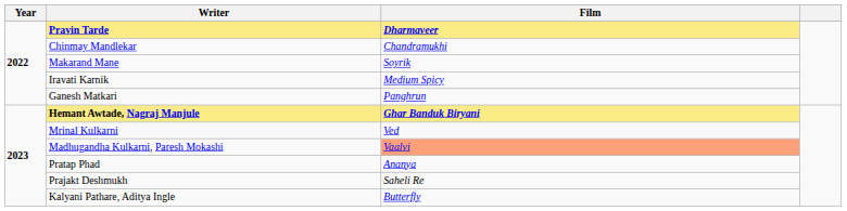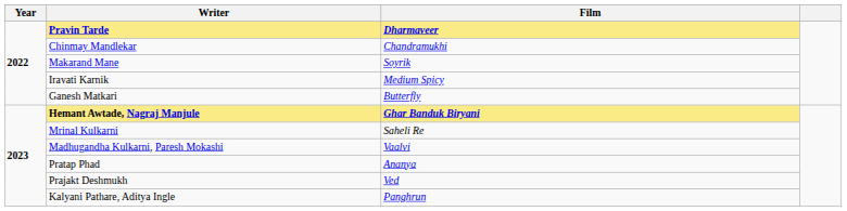 <table class="wikitable" style="width:100%">
 <tr bgcolor="#bebebe">
 <th width="5%">Year</th>
 <th width="40%">Writer</th>
 <th width="50%">Film</th>
 <th width="5%"></th>
 </tr>
 <tr>
 <td rowspan="5"><strong>2022</strong></td>
 <td style="background:#FAEB86"><strong><a href='#'>Pravin Tarde</a></strong></td>
 <td style="background:#FAEB86"><strong><em><a href='#'>Dharmaveer</a></em></strong></td>
 <td rowspan="5"></td>
 </tr>
 <tr>
 <td><a href='#'>Chinmay Mandlekar</a></td>
 <td><a href='#'><em>Chandramukhi</em></a></td>
 </tr>
 <tr>
 <td><a href='#'>Makarand Mane</a></td>
 <td><em><a href='#'>Soyrik</a></em></td>
 </tr>
 <tr>
 <td>Iravati Karnik</td>
 <td><em><a href='#'>Medium Spicy</a></em></td>
 </tr>
 <tr>
 <td>Ganesh Matkari</td>
-<td><em><a href='#'>Panghrun</a></em></td>
+<td><em><a href='#'>Butterfly</a></em></td>
 </tr>
 <tr>
 <td rowspan="6"><strong>2023</strong></td>
 <td style="background:#FAEB86"><strong>Hemant Awtade, <a href='#'>Nagraj Manjule</a></strong></td>
 <td style="background:#FAEB86"><strong><em><a href='#'>Ghar Banduk Biryani</a></em></strong></td>
 <td rowspan="6"></td>
 </tr>
 <tr>
 <td><a href='#'>Mrinal Kulkarni</a></td>
-<td><em><a href='#'>Ved</a></em></td>
+<td><em>Saheli Re</em></td>
 </tr>
 <tr>
 <td><a href='#'>Madhugandha Kulkarni</a>, <a href='#'>Paresh Mokashi</a></td>
-<td style="background: lightsalmon;"><em><a href='#'>Vaalvi</a></em></td>
+<td><em><a href='#'>Vaalvi</a></em></td>
 </tr>
 <tr>
 <td>Pratap Phad</td>
 <td><em><a href='#'>Ananya</a></em></td>
 </tr>
 <tr>
 <td>Prajakt Deshmukh</td>
-<td><em>Saheli Re</em></td>
+<td><em><a href='#'>Ved</a></em></td>
 </tr>
 <tr>
 <td>Kalyani Pathare, Aditya Ingle</td>
-<td><em><a href='#'>Butterfly</a></em></td>
+<td><em><a href='#'>Panghrun</a></em></td>
 </tr>
 </table>
